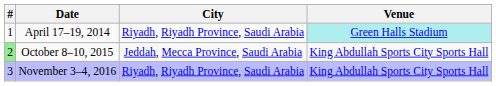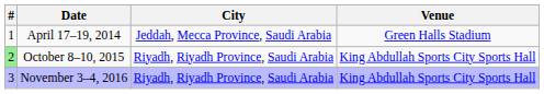 <table class="sortable wikitable succession-box" style="font-size:85%; text-align:center;">
 <tr>
 <th>#</th>
 <th>Date</th>
 <th>City</th>
 <th>Venue</th>
 </tr>
 <tr>
 <td style="text-align:center">1</td>
 <td>April 17–19, 2014</td>
-<td><a href='#'>Riyadh</a>, <a href='#'>Riyadh Province</a>, <a href='#'>Saudi Arabia</a></td>
-<td style="background: paleturquoise;"><a href='#'>Green Halls Stadium</a></td>
+<td><a href='#'>Jeddah</a>, <a href='#'>Mecca Province</a>, <a href='#'>Saudi Arabia</a></td>
+<td><a href='#'>Green Halls Stadium</a></td>
 </tr>
 <tr>
 <td style="background: lightgreen; text-align:center">2</td>
 <td>October 8–10, 2015</td>
-<td><a href='#'>Jeddah</a>, <a href='#'>Mecca Province</a>, <a href='#'>Saudi Arabia</a></td>
+<td><a href='#'>Riyadh</a>, <a href='#'>Riyadh Province</a>, <a href='#'>Saudi Arabia</a></td>
 <td><a href='#'>King Abdullah Sports City Sports Hall</a></td>
 </tr>
 <tr style="background:#BBF;">
 <td style="text-align:center">3</td>
 <td>November 3–4, 2016</td>
 <td><a href='#'>Riyadh</a>, <a href='#'>Riyadh Province</a>, <a href='#'>Saudi Arabia</a></td>
 <td><a href='#'>King Abdullah Sports City Sports Hall</a></td>
 </tr>
 </table>
